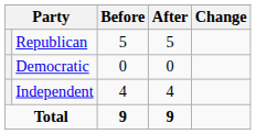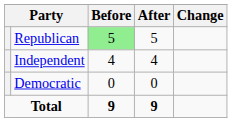 <table class="wikitable" style="text-align:center;">
 <tr>
 </tr>
 <tr>
 <th colspan=2>Party</th>
 <th>Before</th>
 <th>After</th>
 <th>Change</th>
 </tr>
 <tr>
 <th style="background-color:"></th>
 <td style="text-align:left;"><a href='#'>Republican</a></td>
+<td style="background: lightgreen;">5</td>
 <td>5</td>
-<td>5</td>
+<td></td>
+</tr>
+<tr>
+<th style="background-color:"></th>
+<td style="text-align:left;"><a href='#'>Independent</a></td>
+<td>4</td>
+<td>4</td>
 <td></td>
 </tr>
 <tr>
 <th style="background-color:"></th>
 <td style="text-align:left;"><a href='#'>Democratic</a></td>
 <td>0</td>
 <td>0</td>
 <td></td>
 </tr>
 <tr>
-<th style="background-color:"></th>
-<td style="text-align:left;"><a href='#'>Independent</a></td>
-<td>4</td>
-<td>4</td>
-<td></td>
-</tr>
-<tr>
 <td colspan=2><strong>Total</strong></td>
 <td><strong>9</strong></td>
 <td><strong>9</strong></td>
 <td></td>
 </tr>
 </table>
